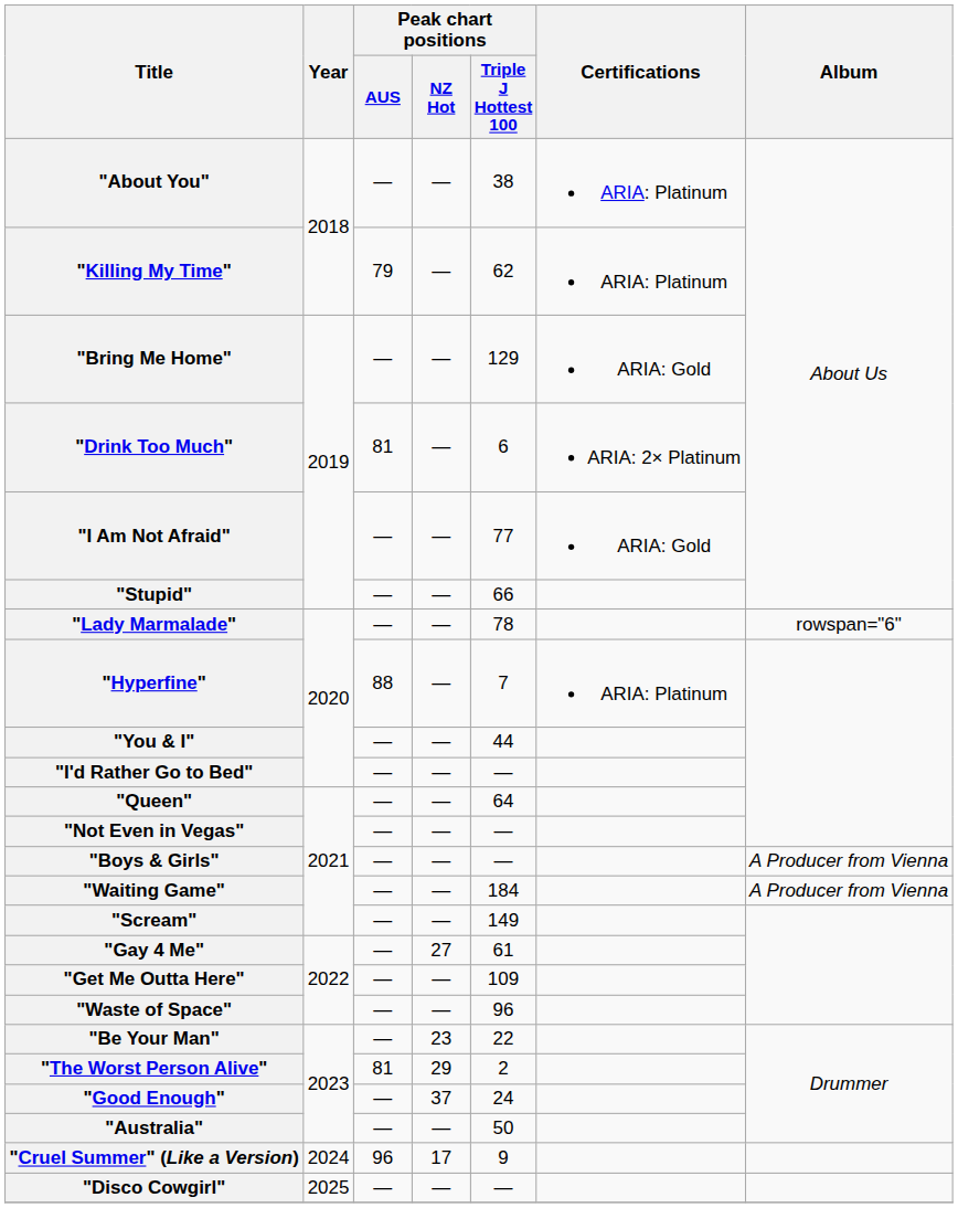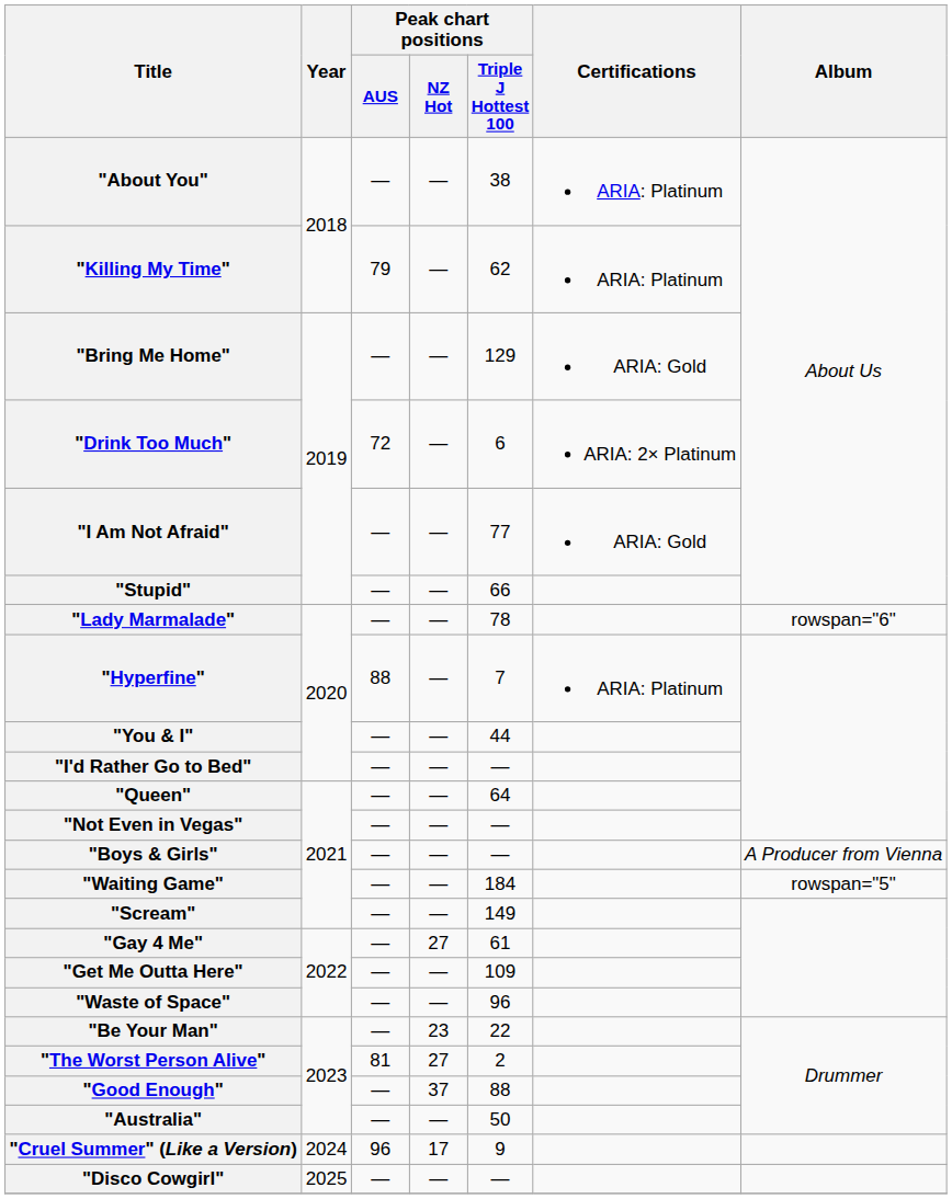 <table class="wikitable plainrowheaders" style="text-align:center">
 <tr>
 <th scope="col" rowspan="2">Title</th>
 <th scope="col" rowspan="2">Year</th>
 <th scope="col" colspan="3">Peak chart positions</th>
 <th scope="col" rowspan="2">Certifications</th>
 <th scope="col" rowspan="2">Album</th>
 </tr>
 <tr>
 <th scope="col" style="width:3em;font-size:90%;"><a href='#'>AUS</a><br></th>
 <th scope="col" style="width:3em;font-size:90%;"><a href='#'>NZ<br>Hot</a><br></th>
 <th scope="col" style="width:3em;font-size:90%;"><a href='#'>Triple J Hottest 100</a><br></th>
 </tr>
 <tr>
 <th scope="row">"About You"</th>
 <td rowspan="2">2018</td>
 <td>—</td>
 <td>—</td>
 <td>38</td>
 <td><br><ul><li><a href='#'>ARIA</a>: Platinum</li></ul></td>
 <td rowspan="6"><em>About Us</em></td>
 </tr>
 <tr>
 <th scope="row">"<a href='#'>Killing My Time</a>"</th>
 <td>79</td>
 <td>—</td>
 <td>62</td>
 <td><br><ul><li>ARIA: Platinum</li></ul></td>
 </tr>
 <tr>
 <th scope="row">"Bring Me Home"</th>
 <td rowspan="4">2019</td>
 <td>—</td>
 <td>—</td>
 <td>129</td>
 <td><br><ul><li>ARIA: Gold</li></ul></td>
 </tr>
 <tr>
 <th scope="row">"<a href='#'>Drink Too Much</a>"</th>
-<td>81</td>
+<td>72</td>
 <td>—</td>
 <td>6</td>
 <td><br><ul><li>ARIA: 2× Platinum </li></ul></td>
 </tr>
 <tr>
 <th scope="row">"I Am Not Afraid"</th>
 <td>—</td>
 <td>—</td>
 <td>77</td>
 <td><br><ul><li>ARIA: Gold</li></ul></td>
 </tr>
 <tr>
 <th scope="row">"Stupid"</th>
 <td>—</td>
 <td>—</td>
 <td>66</td>
 <td></td>
 </tr>
 <tr>
 <th scope="row">"<a href='#'>Lady Marmalade</a>"<br></th>
 <td rowspan="4">2020</td>
 <td>—</td>
 <td>—</td>
 <td>78</td>
 <td></td>
 <td>rowspan="6" </td>
 </tr>
 <tr>
 <th scope="row">"<a href='#'>Hyperfine</a>"</th>
 <td>88</td>
 <td>—</td>
 <td>7</td>
 <td><br><ul><li>ARIA: Platinum</li></ul></td>
 </tr>
 <tr>
 <th scope="row">"You & I"</th>
 <td>—</td>
 <td>—</td>
 <td>44</td>
 <td></td>
 </tr>
 <tr>
 <th scope="row">"I'd Rather Go to Bed"</th>
 <td>—</td>
 <td>—</td>
 <td>—</td>
 <td></td>
 </tr>
 <tr>
 <th scope="row">"Queen"<br></th>
 <td rowspan="5">2021</td>
 <td>—</td>
 <td>—</td>
 <td>64</td>
 <td></td>
 </tr>
 <tr>
 <th scope="row">"Not Even in Vegas"<br></th>
 <td>—</td>
 <td>—</td>
 <td>—</td>
 <td></td>
 </tr>
 <tr>
 <th scope="row">"Boys & Girls"<br></th>
 <td>—</td>
 <td>—</td>
 <td>—</td>
 <td></td>
 <td><em>A Producer from Vienna</em></td>
 </tr>
 <tr>
 <th scope="row">"Waiting Game"<br></th>
 <td>—</td>
 <td>—</td>
 <td>184</td>
 <td></td>
-<td><em>A Producer from Vienna</em></td>
+<td>rowspan="5" </td>
 </tr>
 <tr>
 <th scope="row">"Scream"<br></th>
 <td>—</td>
 <td>—</td>
 <td>149</td>
 <td></td>
 </tr>
 <tr>
 <th scope="row">"Gay 4 Me"<br></th>
 <td rowspan="3">2022</td>
 <td>—</td>
 <td>27</td>
 <td>61</td>
 <td></td>
 </tr>
 <tr>
 <th scope="row">"Get Me Outta Here"</th>
 <td>—</td>
 <td>—</td>
 <td>109</td>
 <td></td>
 </tr>
 <tr>
 <th scope="row">"Waste of Space"</th>
 <td>—</td>
 <td>—</td>
 <td>96</td>
 <td></td>
 </tr>
 <tr>
 <th scope="row">"Be Your Man"</th>
 <td rowspan="4">2023</td>
 <td>—</td>
 <td>23</td>
 <td>22</td>
 <td></td>
 <td rowspan="4"><em>Drummer</em></td>
 </tr>
 <tr>
 <th scope="row">"<a href='#'>The Worst Person Alive</a>"</th>
 <td>81</td>
-<td>29</td>
+<td>27</td>
 <td>2</td>
 <td></td>
 </tr>
 <tr>
 <th scope="row">"<a href='#'>Good Enough</a>"</th>
 <td>—</td>
 <td>37</td>
-<td>24</td>
+<td>88</td>
 <td></td>
 </tr>
 <tr>
 <th scope="row">"Australia"</th>
 <td>—</td>
 <td>—</td>
 <td>50</td>
 <td></td>
 </tr>
 <tr>
 <th scope="row">"<a href='#'>Cruel Summer</a>" (<em>Like a Version</em>)</th>
 <td>2024</td>
 <td>96</td>
 <td>17</td>
 <td>9</td>
 <td></td>
 <td></td>
 </tr>
 <tr>
 <th scope="row">"Disco Cowgirl"</th>
 <td rowspan="1">2025</td>
 <td>—</td>
 <td>—</td>
 <td>—</td>
 <td></td>
 <td></td>
 </tr>
 <tr>
 </tr>
 </table>
